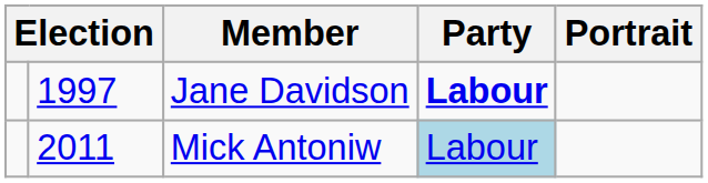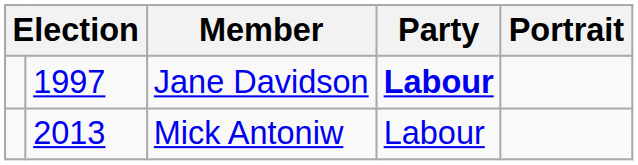 <table class="wikitable">
 <tr>
 <th colspan="2">Election</th>
 <th>Member</th>
 <th>Party</th>
 <th>Portrait</th>
 </tr>
 <tr>
 <td style="background-color: "></td>
 <td><a href='#'>1997</a></td>
 <td><a href='#'>Jane Davidson</a></td>
 <td><strong><a href='#'>Labour</a></strong></td>
 <td></td>
 </tr>
 <tr>
 <td style="background-color: "></td>
-<td><a href='#'>2011</a></td>
+<td><a href='#'>2013</a></td>
 <td><a href='#'>Mick Antoniw</a></td>
-<td style="background: lightblue;"><a href='#'>Labour</a></td>
+<td><a href='#'>Labour</a></td>
 <td></td>
 </tr>
 </table>
